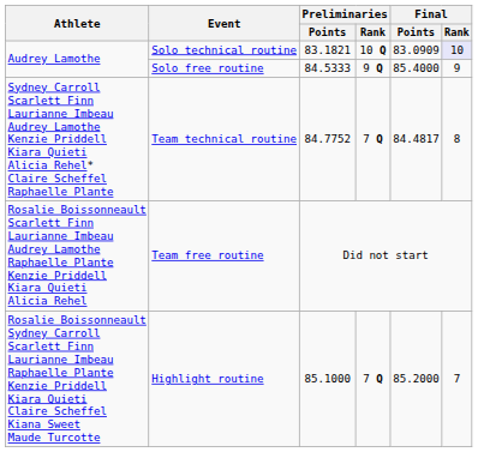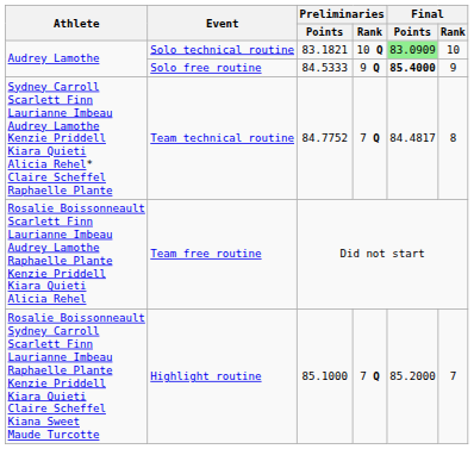 <table class=wikitable style="font-size:90%">
 <tr>
 <th rowspan="2">Athlete</th>
 <th rowspan="2">Event</th>
 <th colspan="2">Preliminaries</th>
 <th colspan="2">Final</th>
 </tr>
 <tr style="font-size:95%">
 <th>Points</th>
 <th>Rank</th>
 <th>Points</th>
 <th>Rank</th>
 </tr>
 <tr align=center>
 <td align=left rowspan=2><a href='#'>Audrey Lamothe</a></td>
 <td align=left><a href='#'>Solo technical routine</a></td>
 <td>83.1821</td>
 <td>10 <strong>Q</strong></td>
-<td>83.0909</td>
-<td style="background: lavender;">10</td>
+<td style="background: lightgreen;">83.0909</td>
+<td>10</td>
 </tr>
 <tr align=center>
 <td align=left><a href='#'>Solo free routine</a></td>
 <td>84.5333</td>
 <td>9 <strong>Q</strong></td>
-<td>85.4000</td>
+<td><strong>85.4000</strong></td>
 <td>9</td>
 </tr>
 <tr align=center>
 <td align=left><a href='#'>Sydney Carroll</a><br><a href='#'>Scarlett Finn</a><br><a href='#'>Laurianne Imbeau</a><br><a href='#'>Audrey Lamothe</a><br><a href='#'>Kenzie Priddell</a><br><a href='#'>Kiara Quieti</a><br><a href='#'>Alicia Rehel</a>*<br><a href='#'>Claire Scheffel</a><br><a href='#'>Raphaelle Plante</a></td>
 <td align=left><a href='#'>Team technical routine</a></td>
 <td>84.7752</td>
 <td>7 <strong>Q</strong></td>
 <td>84.4817</td>
 <td>8</td>
 </tr>
 <tr align=center>
 <td align=left><a href='#'>Rosalie Boissonneault</a><br><a href='#'>Scarlett Finn</a><br><a href='#'>Laurianne Imbeau</a><br><a href='#'>Audrey Lamothe</a><br><a href='#'>Raphaelle Plante</a><br><a href='#'>Kenzie Priddell</a><br><a href='#'>Kiara Quieti</a><br><a href='#'>Alicia Rehel</a></td>
 <td align=left><a href='#'>Team free routine</a></td>
 <td colspan=4>Did not start</td>
 </tr>
 <tr align=center>
 <td align=left><a href='#'>Rosalie Boissonneault</a><br><a href='#'>Sydney Carroll</a><br><a href='#'>Scarlett Finn</a><br><a href='#'>Laurianne Imbeau</a><br><a href='#'>Raphaelle Plante</a><br><a href='#'>Kenzie Priddell</a><br><a href='#'>Kiara Quieti</a><br><a href='#'>Claire Scheffel</a><br><a href='#'>Kiana Sweet</a><br><a href='#'>Maude Turcotte</a></td>
 <td align=left><a href='#'>Highlight routine</a></td>
 <td>85.1000</td>
 <td>7 <strong>Q</strong></td>
 <td>85.2000</td>
 <td>7</td>
 </tr>
 </table>
